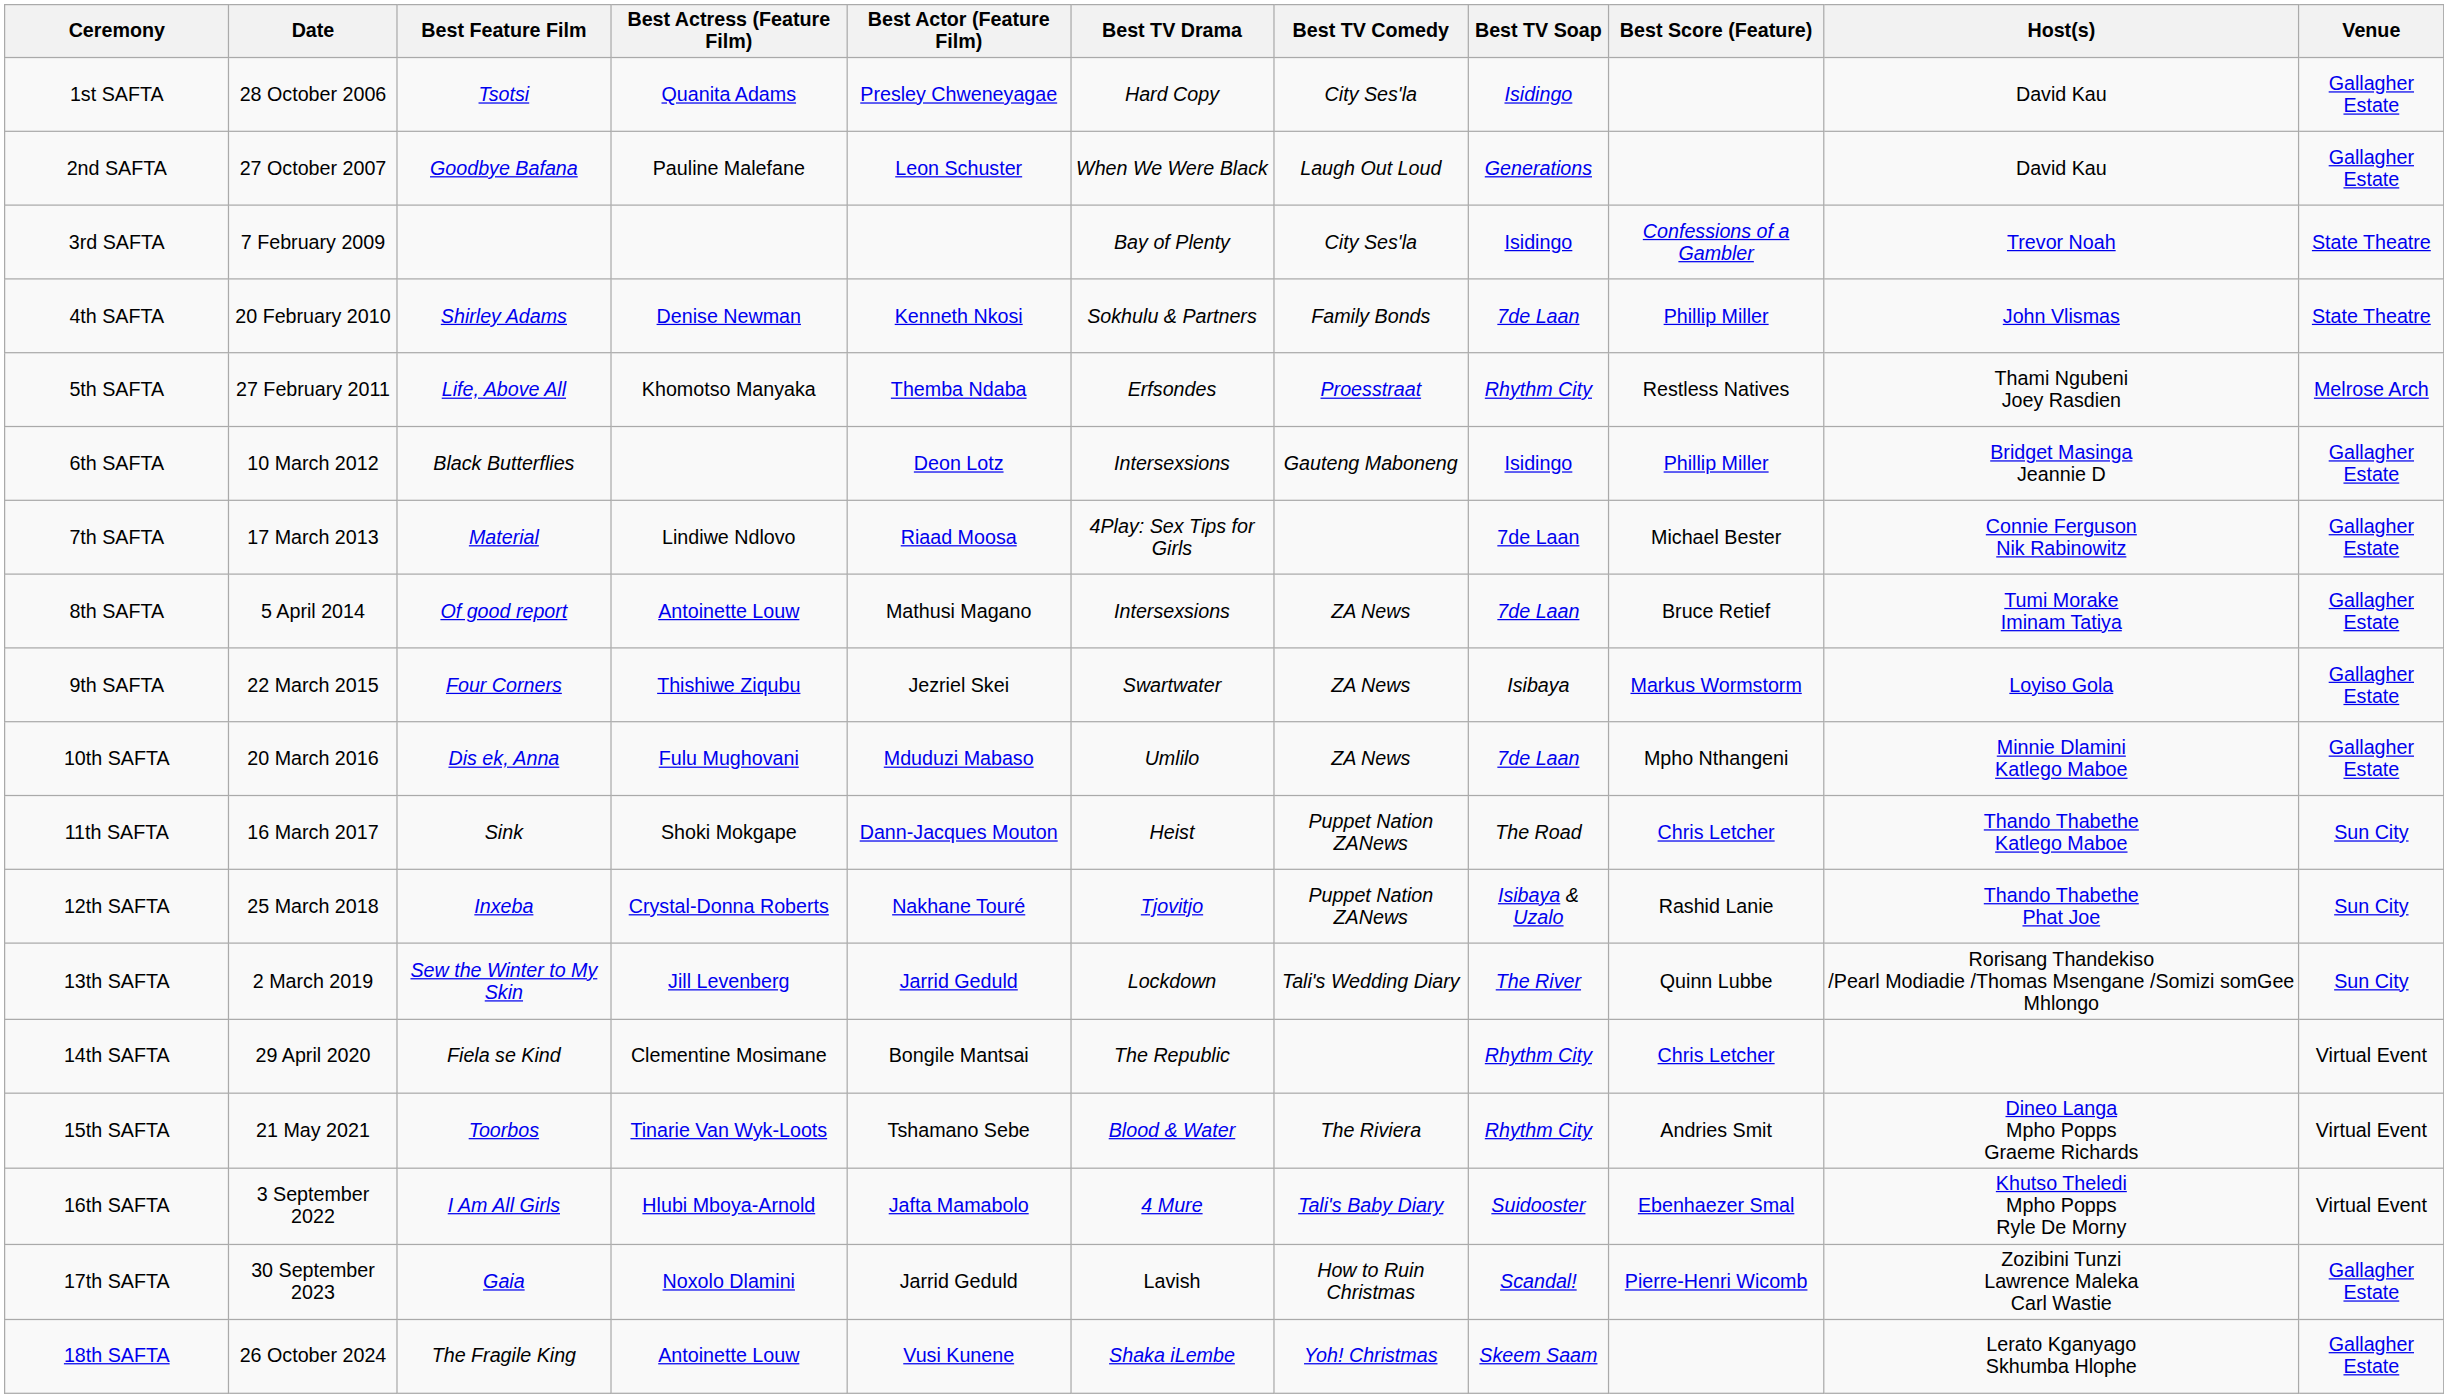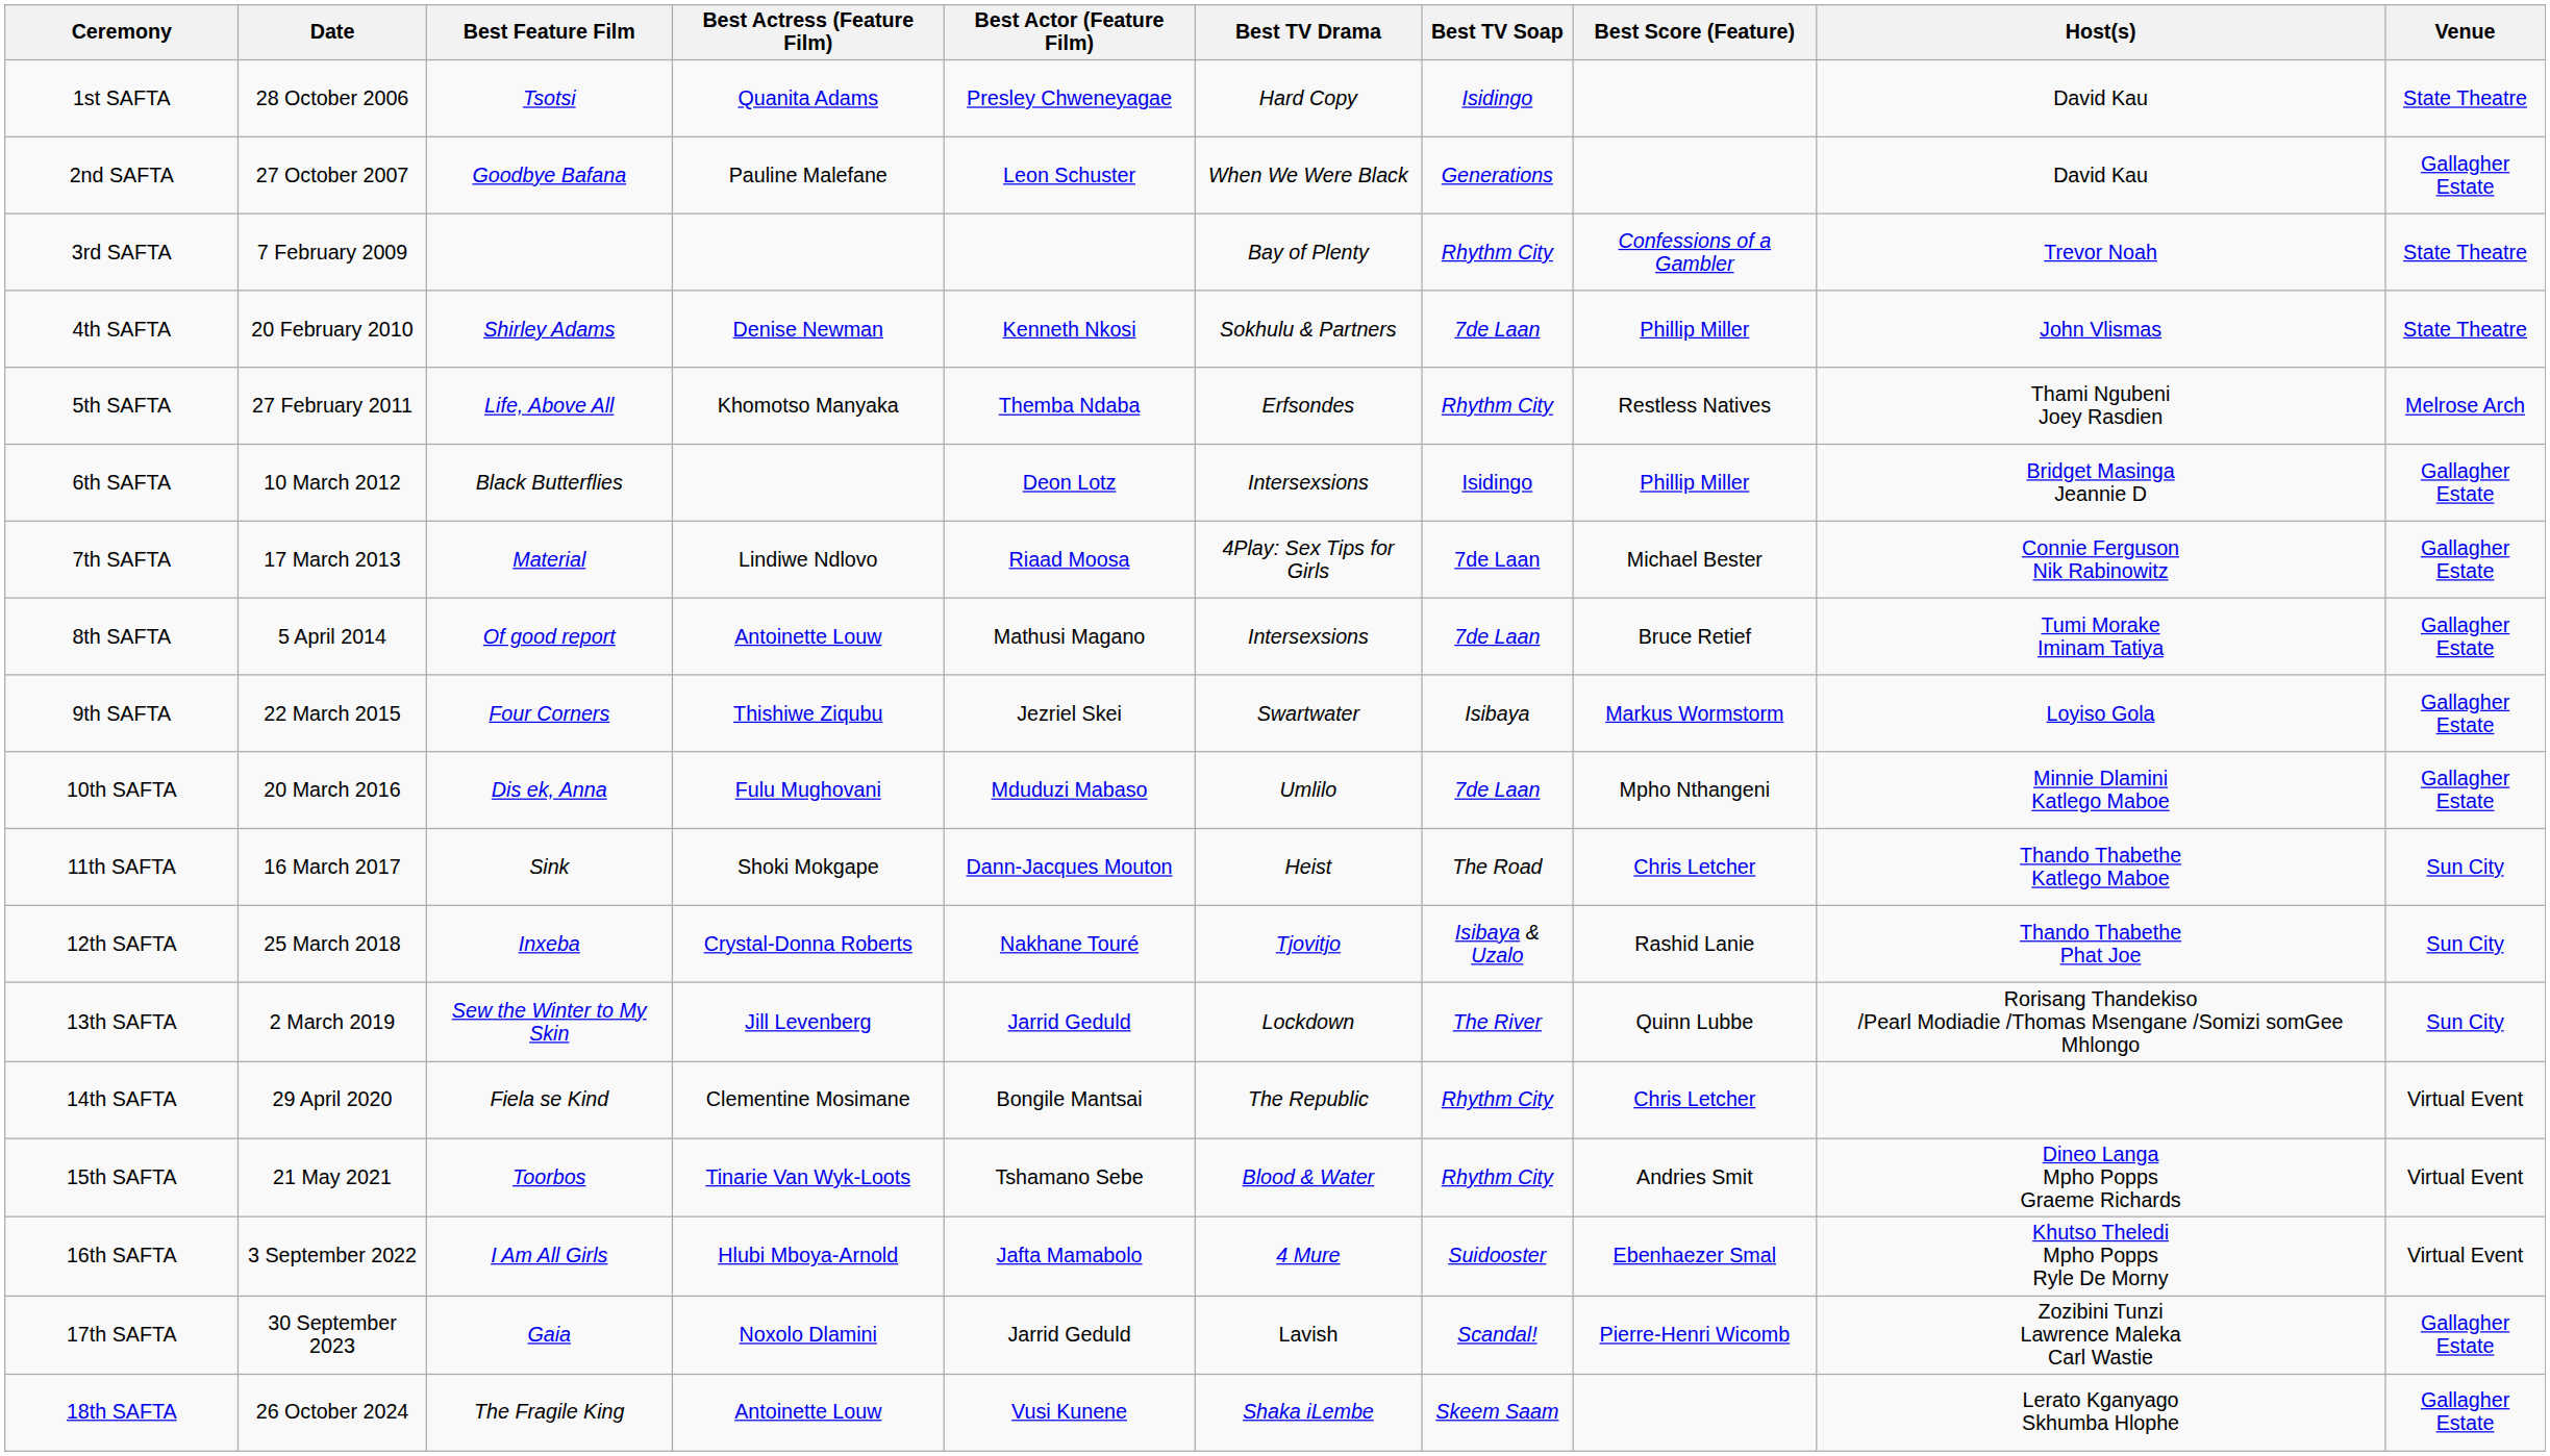 <table class="wikitable sortable" style="text-align: center;" width="100%">
 <tr>
 <th style="width:175px;">Ceremony</th>
 <th style="width:;">Date</th>
 <th style="width:;">Best Feature Film</th>
 <th style="width:;">Best Actress (Feature Film)</th>
 <th style="width:;">Best Actor (Feature Film)</th>
 <th style="width:;">Best TV Drama</th>
-<th style="width:;">Best TV Comedy</th>
 <th style="width:;">Best TV Soap</th>
 <th style="width:;">Best Score (Feature)</th>
 <th style="width:;">Host(s)</th>
 <th style="width:;">Venue</th>
 </tr>
 <tr style="height:60px">
 <td>1st SAFTA </td>
 <td>28 October 2006</td>
 <td><em><a href='#'>Tsotsi</a></em></td>
 <td><a href='#'>Quanita Adams</a></td>
 <td><a href='#'>Presley Chweneyagae</a></td>
 <td><em>Hard Copy</em></td>
-<td><em>City Ses'la</em></td>
 <td><em><a href='#'>Isidingo</a></em></td>
 <td></td>
 <td>David Kau</td>
-<td><a href='#'>Gallagher Estate</a></td>
+<td><a href='#'>State Theatre</a></td>
 </tr>
 <tr style="height:60px">
 <td>2nd SAFTA </td>
 <td>27 October 2007</td>
 <td><em><a href='#'>Goodbye Bafana</a></em></td>
 <td>Pauline Malefane</td>
 <td><a href='#'>Leon Schuster</a></td>
 <td><em>When We Were Black</em></td>
-<td><em>Laugh Out Loud</em></td>
 <td><em><a href='#'>Generations</a></em></td>
 <td></td>
 <td>David Kau</td>
 <td><a href='#'>Gallagher Estate</a></td>
 </tr>
 <tr style="height:60px">
 <td>3rd SAFTA </td>
 <td>7 February 2009</td>
 <td></td>
 <td></td>
 <td></td>
 <td><em>Bay of Plenty</em></td>
-<td><em>City Ses'la</em></td>
-<td><a href='#'>Isidingo</a></td>
+<td><em><a href='#'>Rhythm City</a></em></td>
 <td><em><a href='#'>Confessions of a Gambler</a></em></td>
 <td><a href='#'>Trevor Noah</a></td>
 <td><a href='#'>State Theatre</a></td>
 </tr>
 <tr style="height:60px">
 <td>4th SAFTA </td>
 <td>20 February 2010</td>
 <td><em><a href='#'>Shirley Adams</a></em></td>
 <td><a href='#'>Denise Newman</a></td>
 <td><a href='#'>Kenneth Nkosi</a></td>
 <td><em>Sokhulu & Partners</em></td>
-<td><em>Family Bonds</em></td>
 <td><em><a href='#'>7de Laan</a></em></td>
 <td><a href='#'>Phillip Miller</a></td>
 <td><a href='#'>John Vlismas</a></td>
 <td><a href='#'>State Theatre</a></td>
 </tr>
 <tr style="height:60px">
 <td>5th SAFTA </td>
 <td>27 February 2011</td>
 <td><em><a href='#'>Life, Above All</a></em></td>
 <td>Khomotso Manyaka</td>
 <td><a href='#'>Themba Ndaba</a></td>
 <td><em>Erfsondes</em></td>
-<td><em><a href='#'>Proesstraat</a></em></td>
 <td><em><a href='#'>Rhythm City</a></em></td>
 <td>Restless Natives</td>
 <td>Thami Ngubeni <br> Joey Rasdien</td>
 <td><a href='#'>Melrose Arch</a></td>
 </tr>
 <tr style="height:60px">
 <td>6th SAFTA </td>
 <td>10 March 2012</td>
 <td><em>Black Butterflies</em></td>
 <td></td>
 <td><a href='#'>Deon Lotz</a></td>
 <td><em>Intersexsions</em></td>
-<td><em>Gauteng Maboneng</em></td>
 <td><a href='#'>Isidingo</a></td>
 <td><a href='#'>Phillip Miller</a></td>
 <td><a href='#'>Bridget Masinga</a> <br> Jeannie D</td>
 <td><a href='#'>Gallagher Estate</a></td>
 </tr>
 <tr style="height:60px">
 <td>7th SAFTA </td>
 <td>17 March 2013</td>
 <td><em><a href='#'>Material</a></em></td>
 <td>Lindiwe Ndlovo</td>
 <td><a href='#'>Riaad Moosa</a></td>
 <td><em>4Play: Sex Tips for Girls</em></td>
-<td></td>
 <td><a href='#'>7de Laan</a></td>
 <td>Michael Bester</td>
 <td><a href='#'>Connie Ferguson</a> <br> <a href='#'>Nik Rabinowitz</a></td>
 <td><a href='#'>Gallagher Estate</a></td>
 </tr>
 <tr style="height:60px">
 <td>8th SAFTA </td>
 <td>5 April 2014</td>
 <td><em><a href='#'>Of good report</a></em></td>
 <td><a href='#'>Antoinette Louw</a></td>
 <td>Mathusi Magano</td>
 <td><em>Intersexsions</em></td>
-<td><em>ZA News</em></td>
 <td><em><a href='#'>7de Laan</a></em></td>
 <td>Bruce Retief</td>
 <td><a href='#'>Tumi Morake</a> <br> <a href='#'>Iminam Tatiya</a></td>
 <td><a href='#'>Gallagher Estate</a></td>
 </tr>
 <tr style="height:60px">
 <td>9th SAFTA </td>
 <td>22 March 2015</td>
 <td><em><a href='#'>Four Corners</a></em></td>
 <td><a href='#'>Thishiwe Ziqubu</a></td>
 <td>Jezriel Skei</td>
 <td><em>Swartwater</em></td>
-<td><em>ZA News</em></td>
 <td><em>Isibaya</em></td>
 <td><a href='#'>Markus Wormstorm</a></td>
 <td><a href='#'>Loyiso Gola</a></td>
 <td><a href='#'>Gallagher Estate</a></td>
 </tr>
 <tr style="height:60px">
 <td>10th SAFTA </td>
 <td>20 March 2016</td>
 <td><em><a href='#'>Dis ek, Anna</a></em></td>
 <td><a href='#'>Fulu Mughovani</a></td>
 <td><a href='#'>Mduduzi Mabaso</a></td>
 <td><em>Umlilo</em></td>
-<td><em>ZA News</em></td>
 <td><em><a href='#'>7de Laan</a></em></td>
 <td>Mpho Nthangeni</td>
 <td><a href='#'>Minnie Dlamini</a> <br> <a href='#'>Katlego Maboe</a></td>
 <td><a href='#'>Gallagher Estate</a></td>
 </tr>
 <tr style="height:60px">
 <td>11th SAFTA</td>
 <td>16 March 2017</td>
 <td><em>Sink</em></td>
 <td>Shoki Mokgape</td>
 <td><a href='#'>Dann-Jacques Mouton</a></td>
 <td><em>Heist</em></td>
-<td><em>Puppet Nation ZANews</em></td>
 <td><em>The Road</em></td>
 <td><a href='#'>Chris Letcher</a></td>
 <td><a href='#'>Thando Thabethe</a> <br> <a href='#'>Katlego Maboe</a></td>
 <td><a href='#'>Sun City</a></td>
 </tr>
 <tr style="height:60px">
 <td>12th SAFTA</td>
 <td>25 March 2018</td>
 <td><em><a href='#'>Inxeba</a></em></td>
 <td><a href='#'>Crystal-Donna Roberts</a></td>
 <td><a href='#'>Nakhane Touré</a></td>
 <td><em><a href='#'>Tjovitjo</a></em></td>
-<td><em>Puppet Nation ZANews</em></td>
 <td><em><a href='#'>Isibaya</a> & <a href='#'>Uzalo</a></em></td>
 <td>Rashid Lanie</td>
 <td><a href='#'>Thando Thabethe</a> <br> <a href='#'>Phat Joe</a></td>
 <td><a href='#'>Sun City</a></td>
 </tr>
 <tr style="height:60px">
 <td>13th SAFTA</td>
 <td>2 March 2019</td>
 <td><em><a href='#'>Sew the Winter to My Skin</a></em></td>
 <td><a href='#'>Jill Levenberg</a></td>
 <td><a href='#'>Jarrid Geduld</a></td>
 <td><em>Lockdown</em></td>
-<td><em>Tali's Wedding Diary</em></td>
 <td><em><a href='#'>The River</a></em></td>
 <td>Quinn Lubbe</td>
 <td>Rorisang Thandekiso<br>/Pearl Modiadie /Thomas Msengane /Somizi somGee Mhlongo</td>
 <td><a href='#'>Sun City</a></td>
 </tr>
 <tr style="height:60px">
 <td>14th SAFTA</td>
 <td>29 April 2020</td>
 <td><em>Fiela se Kind</em></td>
 <td>Clementine Mosimane</td>
 <td>Bongile Mantsai</td>
 <td><em>The Republic </em></td>
-<td></td>
 <td><em><a href='#'>Rhythm City</a></em></td>
 <td><a href='#'>Chris Letcher</a></td>
 <td></td>
 <td>Virtual Event</td>
 </tr>
 <tr style="height:60px">
 <td>15th SAFTA</td>
 <td>21 May 2021</td>
 <td><em><a href='#'>Toorbos</a></em></td>
 <td><a href='#'>Tinarie Van Wyk-Loots</a></td>
 <td>Tshamano Sebe</td>
 <td><em><a href='#'>Blood & Water</a></em></td>
-<td><em>The Riviera</em></td>
 <td><em><a href='#'>Rhythm City</a></em></td>
 <td>Andries Smit</td>
 <td><a href='#'>Dineo Langa</a><br> Mpho Popps <br> Graeme Richards</td>
 <td>Virtual Event</td>
 </tr>
 <tr style="height:60px">
 <td>16th SAFTA</td>
 <td>3 September 2022</td>
 <td><em><a href='#'>I Am All Girls</a></em></td>
 <td><a href='#'>Hlubi Mboya-Arnold</a></td>
 <td><a href='#'>Jafta Mamabolo</a></td>
 <td><em><a href='#'>4 Mure</a></em></td>
-<td><em><a href='#'>Tali's Baby Diary</a></em></td>
 <td><em><a href='#'>Suidooster</a></em></td>
 <td><a href='#'>Ebenhaezer Smal</a></td>
 <td><a href='#'>Khutso Theledi</a><br> Mpho Popps <br> Ryle De Morny</td>
 <td>Virtual Event</td>
 </tr>
 <tr style="height:60px">
 <td>17th SAFTA</td>
 <td>30 September 2023</td>
 <td><em><a href='#'>Gaia</a></em></td>
 <td><a href='#'>Noxolo Dlamini</a></td>
 <td>Jarrid Geduld</td>
 <td>Lavish</td>
-<td><em>How to Ruin Christmas</em></td>
 <td><em><a href='#'>Scandal!</a></em></td>
 <td><a href='#'>Pierre-Henri Wicomb</a></td>
 <td>Zozibini Tunzi <br> Lawrence Maleka <br> Carl Wastie</td>
 <td><a href='#'>Gallagher Estate</a></td>
 </tr>
 <tr style="height:60px">
 <td><a href='#'>18th SAFTA</a></td>
 <td>26 October 2024</td>
 <td><em>The Fragile King</em></td>
 <td><a href='#'>Antoinette Louw</a></td>
 <td><a href='#'>Vusi Kunene</a></td>
 <td><em><a href='#'>Shaka iLembe</a></em></td>
-<td><em><a href='#'>Yoh! Christmas</a></em></td>
 <td><em><a href='#'>Skeem Saam</a></em></td>
 <td></td>
 <td>Lerato Kganyago<br>Skhumba Hlophe</td>
 <td><a href='#'>Gallagher Estate</a></td>
 </tr>
 </table>
